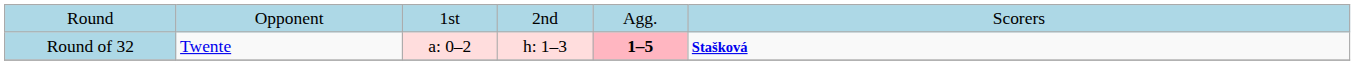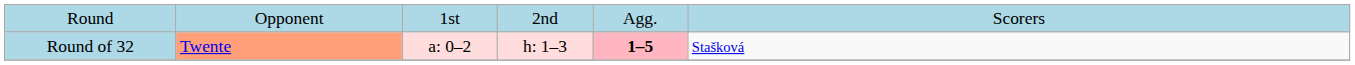 <table class="wikitable" style="text-align:center">
 <tr bgcolor=lightblue>
 <td width=150px>Round</td>
 <td width=200px>Opponent</td>
 <td width=80px>1st</td>
 <td width=80px>2nd</td>
 <td width=80px>Agg.</td>
 <td width=600px>Scorers</td>
 </tr>
 <tr>
 <td bgcolor=lightblue>Round of 32</td>
-<td align=left> <a href='#'>Twente</a></td>
+<td align=left style="background: lightsalmon;"> <a href='#'>Twente</a></td>
 <td bgcolor="#ffdddd">a: 0–2</td>
 <td bgcolor="#ffdddd">h: 1–3</td>
 <td bgcolor=lightpink><strong>1–5</strong></td>
-<td align=left><strong><small><a href='#'>Stašková</a></small></strong></td>
+<td align=left><small><a href='#'>Stašková</a></small></td>
 </tr>
 <tr>
 </tr>
 </table>
